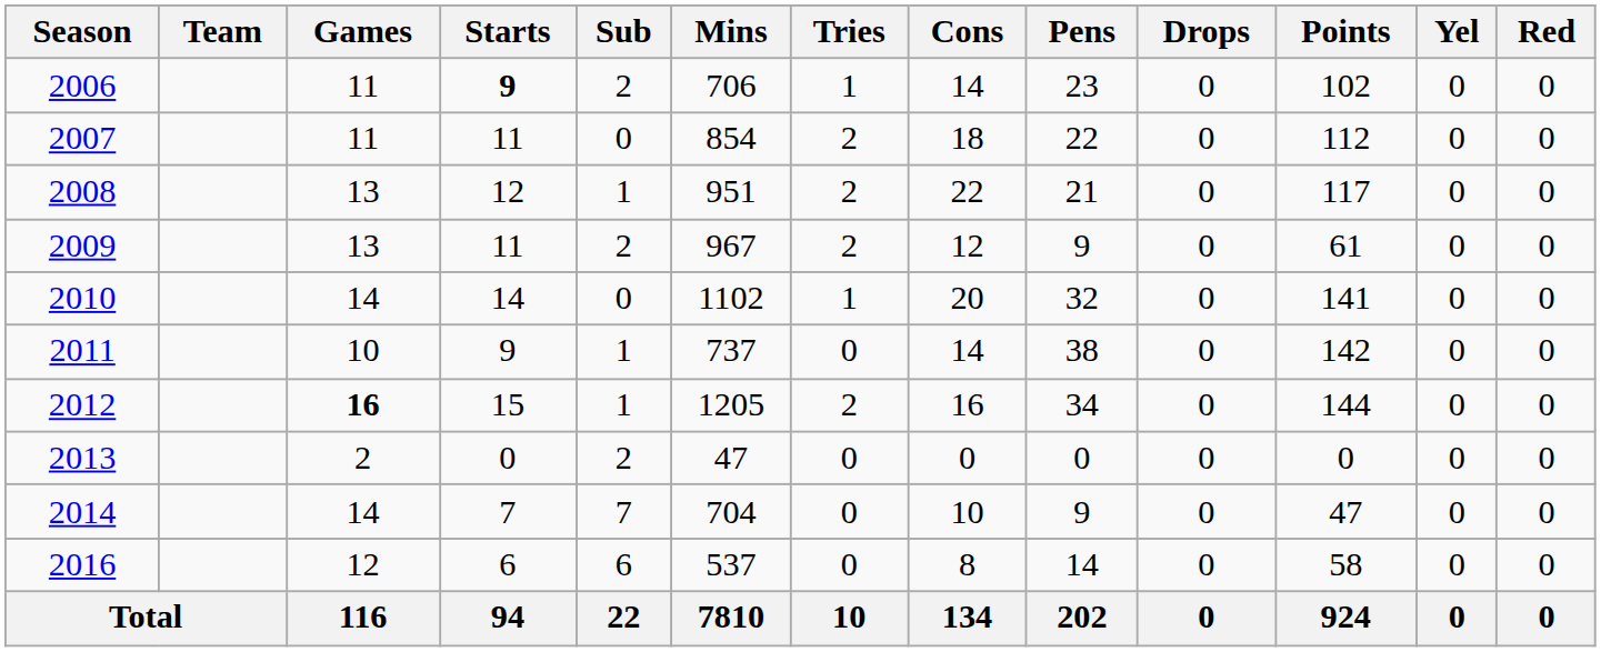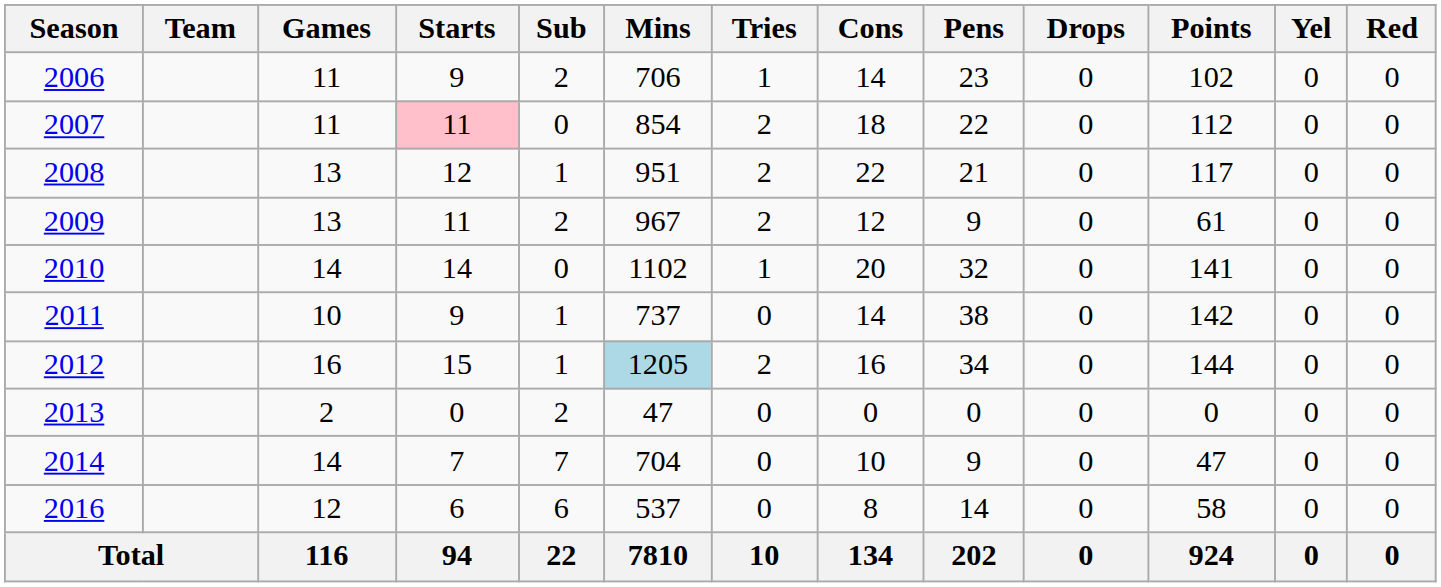 <table class="wikitable" style="text-align:center;width:60%;">
 <tr>
 <th>Season</th>
 <th>Team</th>
 <th>Games</th>
 <th>Starts</th>
 <th>Sub</th>
 <th>Mins</th>
 <th>Tries</th>
 <th>Cons</th>
 <th>Pens</th>
 <th>Drops</th>
 <th>Points</th>
 <th>Yel</th>
 <th>Red</th>
 </tr>
 <tr>
 <td><a href='#'>2006</a></td>
 <td></td>
 <td>11</td>
-<td><strong>9</strong></td>
+<td>9</td>
 <td>2</td>
 <td>706</td>
 <td>1</td>
 <td>14</td>
 <td>23</td>
 <td>0</td>
 <td>102</td>
 <td>0</td>
 <td>0</td>
 </tr>
 <tr>
 <td><a href='#'>2007</a></td>
 <td></td>
 <td>11</td>
-<td>11</td>
+<td style="background: pink;">11</td>
 <td>0</td>
 <td>854</td>
 <td>2</td>
 <td>18</td>
 <td>22</td>
 <td>0</td>
 <td>112</td>
 <td>0</td>
 <td>0</td>
 </tr>
 <tr>
 <td><a href='#'>2008</a></td>
 <td></td>
 <td>13</td>
 <td>12</td>
 <td>1</td>
 <td>951</td>
 <td>2</td>
 <td>22</td>
 <td>21</td>
 <td>0</td>
 <td>117</td>
 <td>0</td>
 <td>0</td>
 </tr>
 <tr>
 <td><a href='#'>2009</a></td>
 <td></td>
 <td>13</td>
 <td>11</td>
 <td>2</td>
 <td>967</td>
 <td>2</td>
 <td>12</td>
 <td>9</td>
 <td>0</td>
 <td>61</td>
 <td>0</td>
 <td>0</td>
 </tr>
 <tr>
 <td><a href='#'>2010</a></td>
 <td></td>
 <td>14</td>
 <td>14</td>
 <td>0</td>
 <td>1102</td>
 <td>1</td>
 <td>20</td>
 <td>32</td>
 <td>0</td>
 <td>141</td>
 <td>0</td>
 <td>0</td>
 </tr>
 <tr>
 <td><a href='#'>2011</a></td>
 <td></td>
 <td>10</td>
 <td>9</td>
 <td>1</td>
 <td>737</td>
 <td>0</td>
 <td>14</td>
 <td>38</td>
 <td>0</td>
 <td>142</td>
 <td>0</td>
 <td>0</td>
 </tr>
 <tr>
 <td><a href='#'>2012</a></td>
 <td></td>
-<td><strong>16</strong></td>
+<td>16</td>
 <td>15</td>
 <td>1</td>
-<td>1205</td>
+<td style="background: lightblue;">1205</td>
 <td>2</td>
 <td>16</td>
 <td>34</td>
 <td>0</td>
 <td>144</td>
 <td>0</td>
 <td>0</td>
 </tr>
 <tr>
 <td><a href='#'>2013</a></td>
 <td></td>
 <td>2</td>
 <td>0</td>
 <td>2</td>
 <td>47</td>
 <td>0</td>
 <td>0</td>
 <td>0</td>
 <td>0</td>
 <td>0</td>
 <td>0</td>
 <td>0</td>
 </tr>
 <tr>
 <td><a href='#'>2014</a></td>
 <td></td>
 <td>14</td>
 <td>7</td>
 <td>7</td>
 <td>704</td>
 <td>0</td>
 <td>10</td>
 <td>9</td>
 <td>0</td>
 <td>47</td>
 <td>0</td>
 <td>0</td>
 </tr>
 <tr>
 <td><a href='#'>2016</a></td>
 <td></td>
 <td>12</td>
 <td>6</td>
 <td>6</td>
 <td>537</td>
 <td>0</td>
 <td>8</td>
 <td>14</td>
 <td>0</td>
 <td>58</td>
 <td>0</td>
 <td>0</td>
 </tr>
 <tr>
 <th colspan="2">Total</th>
 <th>116</th>
 <th>94</th>
 <th>22</th>
 <th>7810</th>
 <th>10</th>
 <th>134</th>
 <th>202</th>
 <th>0</th>
 <th>924</th>
 <th>0</th>
 <th>0</th>
 </tr>
 </table>
